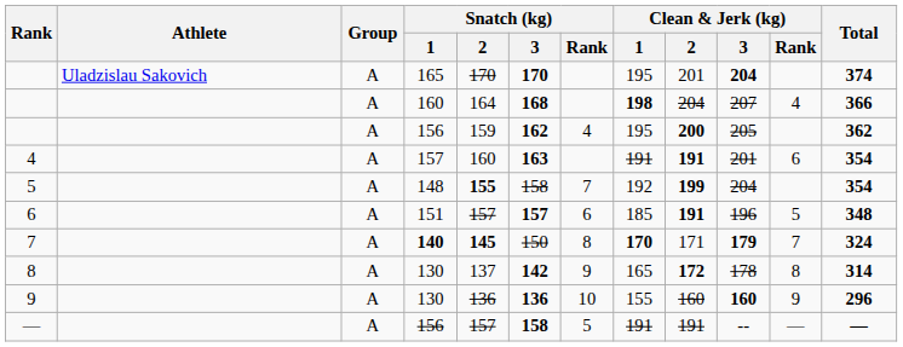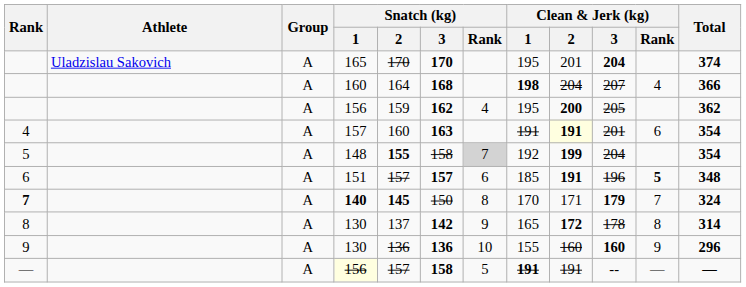 <table class = "wikitable" style="text-align:center;">
 <tr>
 <th rowspan=2 width=40>Rank</th>
 <th rowspan=2 width=250>Athlete</th>
 <th rowspan=2 width=50>Group</th>
 <th colspan=4>Snatch (kg)</th>
 <th colspan=4>Clean & Jerk (kg)</th>
 <th rowspan=2 width=60>Total</th>
 </tr>
 <tr>
 <th width=40>1</th>
 <th width=40>2</th>
 <th width=40>3</th>
 <th width=40>Rank</th>
 <th width=40>1</th>
 <th width=40>2</th>
 <th width=40>3</th>
 <th width=40>Rank</th>
 </tr>
 <tr>
 <td></td>
 <td align=left> <a href='#'>Uladzislau Sakovich</a> </td>
 <td>A</td>
 <td>165</td>
 <td><s>170</s></td>
 <td><strong>170</strong></td>
 <td></td>
 <td>195</td>
 <td>201</td>
 <td><strong>204</strong></td>
 <td></td>
 <td><strong>374</strong></td>
 </tr>
 <tr>
 <td></td>
 <td align=left></td>
 <td>A</td>
 <td>160</td>
 <td>164</td>
 <td><strong>168</strong></td>
 <td></td>
 <td><strong>198</strong></td>
 <td><s>204</s></td>
 <td><s>207</s></td>
 <td>4</td>
 <td><strong>366</strong></td>
 </tr>
 <tr>
 <td></td>
 <td align=left></td>
 <td>A</td>
 <td>156</td>
 <td>159</td>
 <td><strong>162</strong></td>
 <td>4</td>
 <td>195</td>
 <td><strong>200</strong></td>
 <td><s>205</s></td>
 <td></td>
 <td><strong>362</strong></td>
 </tr>
 <tr>
 <td>4</td>
 <td align=left></td>
 <td>A</td>
 <td>157</td>
 <td>160</td>
 <td><strong>163</strong></td>
 <td></td>
 <td><s>191</s></td>
-<td><strong>191</strong></td>
+<td style="background: lightyellow;"><strong>191</strong></td>
 <td><s>201</s></td>
 <td>6</td>
 <td><strong>354</strong></td>
 </tr>
 <tr>
 <td>5</td>
 <td align=left></td>
 <td>A</td>
 <td>148</td>
 <td><strong>155</strong></td>
 <td><s>158</s></td>
-<td>7</td>
+<td style="background: lightgrey;">7</td>
 <td>192</td>
 <td><strong>199</strong></td>
 <td><s>204</s></td>
 <td></td>
 <td><strong>354</strong></td>
 </tr>
 <tr>
 <td>6</td>
 <td align=left></td>
 <td>A</td>
 <td>151</td>
 <td><s>157</s></td>
 <td><strong>157</strong></td>
 <td>6</td>
 <td>185</td>
 <td><strong>191</strong></td>
 <td><s>196</s></td>
-<td>5</td>
+<td><strong>5</strong></td>
 <td><strong>348</strong></td>
 </tr>
 <tr>
-<td>7</td>
+<td><strong>7</strong></td>
 <td align=left></td>
 <td>A</td>
 <td><strong>140</strong></td>
 <td><strong>145</strong></td>
 <td><s>150</s></td>
 <td>8</td>
-<td><strong>170</strong></td>
+<td>170</td>
 <td>171</td>
 <td><strong>179</strong></td>
 <td>7</td>
 <td><strong>324</strong></td>
 </tr>
 <tr>
 <td>8</td>
 <td align=left></td>
 <td>A</td>
 <td>130</td>
 <td>137</td>
 <td><strong>142</strong></td>
 <td>9</td>
 <td>165</td>
 <td><strong>172</strong></td>
 <td><s>178</s></td>
 <td>8</td>
 <td><strong>314</strong></td>
 </tr>
 <tr>
 <td>9</td>
 <td align=left></td>
 <td>A</td>
 <td>130</td>
 <td><s>136</s></td>
 <td><strong>136</strong></td>
 <td>10</td>
 <td>155</td>
 <td><s>160</s></td>
 <td><strong>160</strong></td>
 <td>9</td>
 <td><strong>296</strong></td>
 </tr>
 <tr>
 <td>—</td>
 <td align=left></td>
 <td>A</td>
-<td><s>156</s></td>
+<td style="background: lightyellow;"><s>156</s></td>
 <td><s>157</s></td>
 <td><strong>158</strong></td>
 <td>5</td>
-<td><s>191</s></td>
+<td><strong><s>191</s></strong></td>
 <td><s>191</s></td>
 <td>--</td>
 <td>—</td>
 <td><strong>—</strong></td>
 </tr>
 </table>
